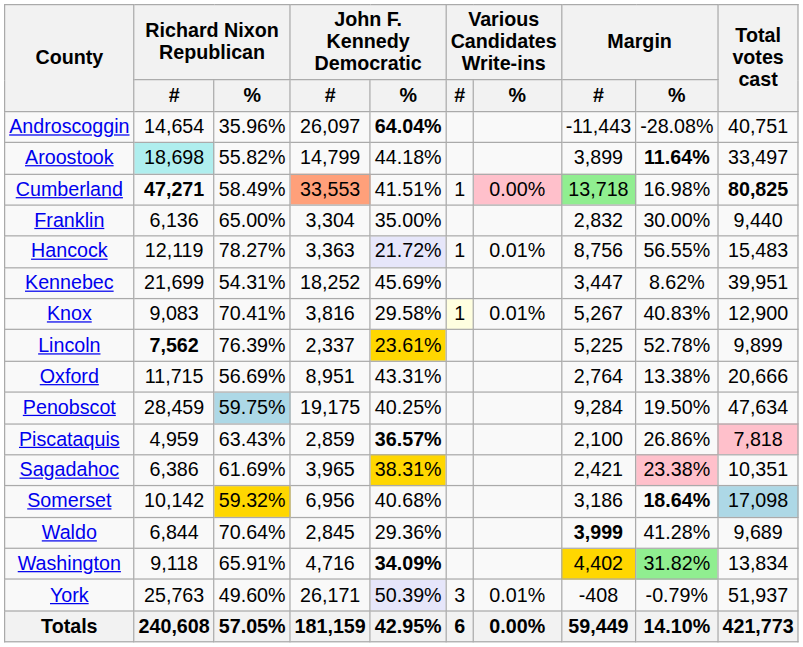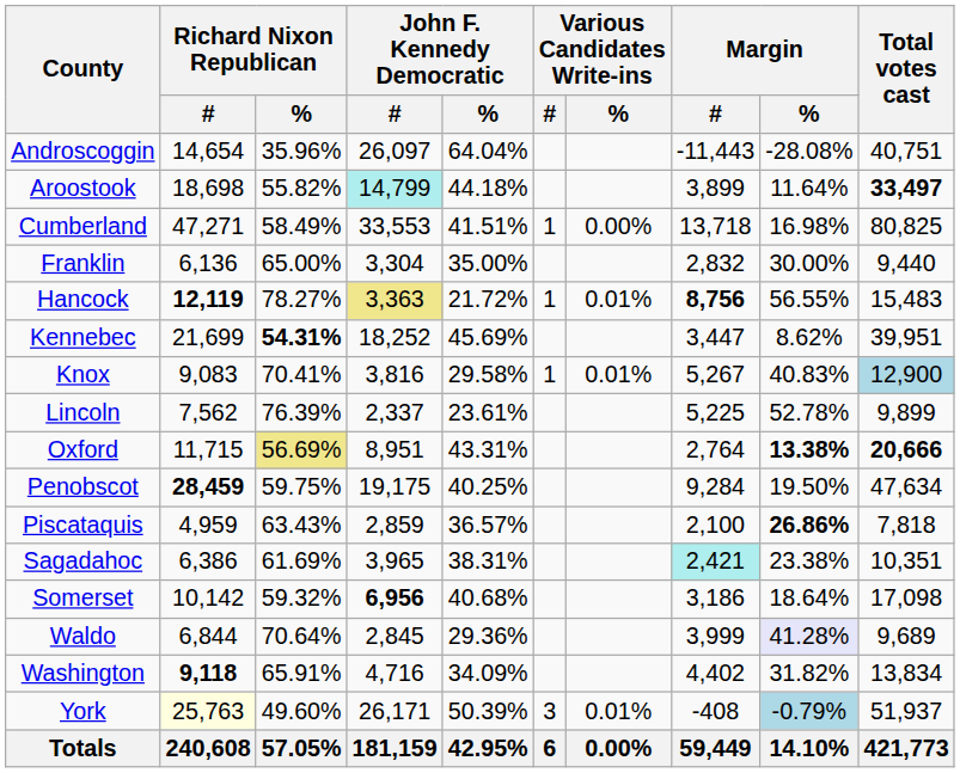 <table width="60%"  class="wikitable sortable" style="text-align:center">
 <tr>
 <th style="text-align:center;" rowspan="2">County</th>
 <th style="text-align:center;" colspan="2">Richard Nixon<br>Republican</th>
 <th style="text-align:center;" colspan="2">John F. Kennedy<br>Democratic</th>
 <th style="text-align:center;" colspan="2">Various Candidates<br>Write-ins</th>
 <th style="text-align:center;" colspan="2">Margin</th>
 <th style="text-align:center;" rowspan="2">Total votes cast</th>
 </tr>
 <tr>
 <th style="text-align:center;" data-sort-type="number">#</th>
 <th style="text-align:center;" data-sort-type="number">%</th>
 <th style="text-align:center;" data-sort-type="number">#</th>
 <th style="text-align:center;" data-sort-type="number">%</th>
 <th style="text-align:center;" data-sort-type="number">#</th>
 <th style="text-align:center;" data-sort-type="number">%</th>
 <th style="text-align:center;" data-sort-type="number">#</th>
 <th style="text-align:center;" data-sort-type="number">%</th>
 </tr>
 <tr style="text-align:center;">
 <td><a href='#'>Androscoggin</a></td>
 <td>14,654</td>
 <td>35.96%</td>
 <td>26,097</td>
-<td><strong>64.04%</strong></td>
+<td>64.04%</td>
 <td></td>
 <td></td>
 <td>-11,443</td>
 <td>-28.08%</td>
 <td>40,751</td>
 </tr>
 <tr style="text-align:center;">
 <td><a href='#'>Aroostook</a></td>
-<td style="background: paleturquoise;">18,698</td>
+<td>18,698</td>
 <td>55.82%</td>
-<td>14,799</td>
+<td style="background: paleturquoise;">14,799</td>
 <td>44.18%</td>
 <td></td>
 <td></td>
 <td>3,899</td>
-<td><strong>11.64%</strong></td>
-<td>33,497</td>
+<td>11.64%</td>
+<td><strong>33,497</strong></td>
 </tr>
 <tr style="text-align:center;">
 <td><a href='#'>Cumberland</a></td>
-<td><strong>47,271</strong></td>
+<td>47,271</td>
 <td>58.49%</td>
-<td style="background: lightsalmon;">33,553</td>
+<td>33,553</td>
 <td>41.51%</td>
 <td>1</td>
-<td style="background: pink;">0.00%</td>
-<td style="background: lightgreen;">13,718</td>
+<td>0.00%</td>
+<td>13,718</td>
 <td>16.98%</td>
-<td><strong>80,825</strong></td>
+<td>80,825</td>
 </tr>
 <tr style="text-align:center;">
 <td><a href='#'>Franklin</a></td>
 <td>6,136</td>
 <td>65.00%</td>
 <td>3,304</td>
 <td>35.00%</td>
 <td></td>
 <td></td>
 <td>2,832</td>
 <td>30.00%</td>
 <td>9,440</td>
 </tr>
 <tr style="text-align:center;">
 <td><a href='#'>Hancock</a></td>
-<td>12,119</td>
+<td><strong>12,119</strong></td>
 <td>78.27%</td>
-<td>3,363</td>
-<td style="background: lavender;">21.72%</td>
+<td style="background: khaki;">3,363</td>
+<td>21.72%</td>
 <td>1</td>
 <td>0.01%</td>
-<td>8,756</td>
+<td><strong>8,756</strong></td>
 <td>56.55%</td>
 <td>15,483</td>
 </tr>
 <tr style="text-align:center;">
 <td><a href='#'>Kennebec</a></td>
 <td>21,699</td>
-<td>54.31%</td>
+<td><strong>54.31%</strong></td>
 <td>18,252</td>
 <td>45.69%</td>
 <td></td>
 <td></td>
 <td>3,447</td>
 <td>8.62%</td>
 <td>39,951</td>
 </tr>
 <tr style="text-align:center;">
 <td><a href='#'>Knox</a></td>
 <td>9,083</td>
 <td>70.41%</td>
 <td>3,816</td>
 <td>29.58%</td>
-<td style="background: lightyellow;">1</td>
+<td>1</td>
 <td>0.01%</td>
 <td>5,267</td>
 <td>40.83%</td>
-<td>12,900</td>
+<td style="background: lightblue;">12,900</td>
 </tr>
 <tr style="text-align:center;">
 <td><a href='#'>Lincoln</a></td>
-<td><strong>7,562</strong></td>
+<td>7,562</td>
 <td>76.39%</td>
 <td>2,337</td>
-<td style="background: gold;">23.61%</td>
+<td>23.61%</td>
 <td></td>
 <td></td>
 <td>5,225</td>
 <td>52.78%</td>
 <td>9,899</td>
 </tr>
 <tr style="text-align:center;">
 <td><a href='#'>Oxford</a></td>
 <td>11,715</td>
-<td>56.69%</td>
+<td style="background: khaki;">56.69%</td>
 <td>8,951</td>
 <td>43.31%</td>
 <td></td>
 <td></td>
 <td>2,764</td>
-<td>13.38%</td>
-<td>20,666</td>
+<td><strong>13.38%</strong></td>
+<td><strong>20,666</strong></td>
 </tr>
 <tr style="text-align:center;">
 <td><a href='#'>Penobscot</a></td>
-<td>28,459</td>
-<td style="background: lightblue;">59.75%</td>
+<td><strong>28,459</strong></td>
+<td>59.75%</td>
 <td>19,175</td>
 <td>40.25%</td>
 <td></td>
 <td></td>
 <td>9,284</td>
 <td>19.50%</td>
 <td>47,634</td>
 </tr>
 <tr style="text-align:center;">
 <td><a href='#'>Piscataquis</a></td>
 <td>4,959</td>
 <td>63.43%</td>
 <td>2,859</td>
-<td><strong>36.57%</strong></td>
+<td>36.57%</td>
 <td></td>
 <td></td>
 <td>2,100</td>
-<td>26.86%</td>
-<td style="background: pink;">7,818</td>
+<td><strong>26.86%</strong></td>
+<td>7,818</td>
 </tr>
 <tr style="text-align:center;">
 <td><a href='#'>Sagadahoc</a></td>
 <td>6,386</td>
 <td>61.69%</td>
 <td>3,965</td>
-<td style="background: gold;">38.31%</td>
+<td>38.31%</td>
 <td></td>
 <td></td>
-<td>2,421</td>
-<td style="background: pink;">23.38%</td>
+<td style="background: paleturquoise;">2,421</td>
+<td>23.38%</td>
 <td>10,351</td>
 </tr>
 <tr style="text-align:center;">
 <td><a href='#'>Somerset</a></td>
 <td>10,142</td>
-<td style="background: gold;">59.32%</td>
-<td>6,956</td>
+<td>59.32%</td>
+<td><strong>6,956</strong></td>
 <td>40.68%</td>
 <td></td>
 <td></td>
 <td>3,186</td>
-<td><strong>18.64%</strong></td>
-<td style="background: lightblue;">17,098</td>
+<td>18.64%</td>
+<td>17,098</td>
 </tr>
 <tr style="text-align:center;">
 <td><a href='#'>Waldo</a></td>
 <td>6,844</td>
 <td>70.64%</td>
 <td>2,845</td>
 <td>29.36%</td>
 <td></td>
 <td></td>
-<td><strong>3,999</strong></td>
-<td>41.28%</td>
+<td>3,999</td>
+<td style="background: lavender;">41.28%</td>
 <td>9,689</td>
 </tr>
 <tr style="text-align:center;">
 <td><a href='#'>Washington</a></td>
-<td>9,118</td>
+<td><strong>9,118</strong></td>
 <td>65.91%</td>
 <td>4,716</td>
-<td><strong>34.09%</strong></td>
+<td>34.09%</td>
 <td></td>
 <td></td>
-<td style="background: gold;">4,402</td>
-<td style="background: lightgreen;">31.82%</td>
+<td>4,402</td>
+<td>31.82%</td>
 <td>13,834</td>
 </tr>
 <tr style="text-align:center;">
 <td><a href='#'>York</a></td>
-<td>25,763</td>
+<td style="background: lightyellow;">25,763</td>
 <td>49.60%</td>
 <td>26,171</td>
-<td style="background: lavender;">50.39%</td>
+<td>50.39%</td>
 <td>3</td>
 <td>0.01%</td>
 <td>-408</td>
-<td>-0.79%</td>
+<td style="background: lightblue;">-0.79%</td>
 <td>51,937</td>
 </tr>
 <tr style="text-align:center;">
 <th>Totals</th>
 <th>240,608</th>
 <th>57.05%</th>
 <th>181,159</th>
 <th>42.95%</th>
 <th>6</th>
 <th>0.00%</th>
 <th>59,449</th>
 <th>14.10%</th>
 <th>421,773</th>
 </tr>
 </table>
